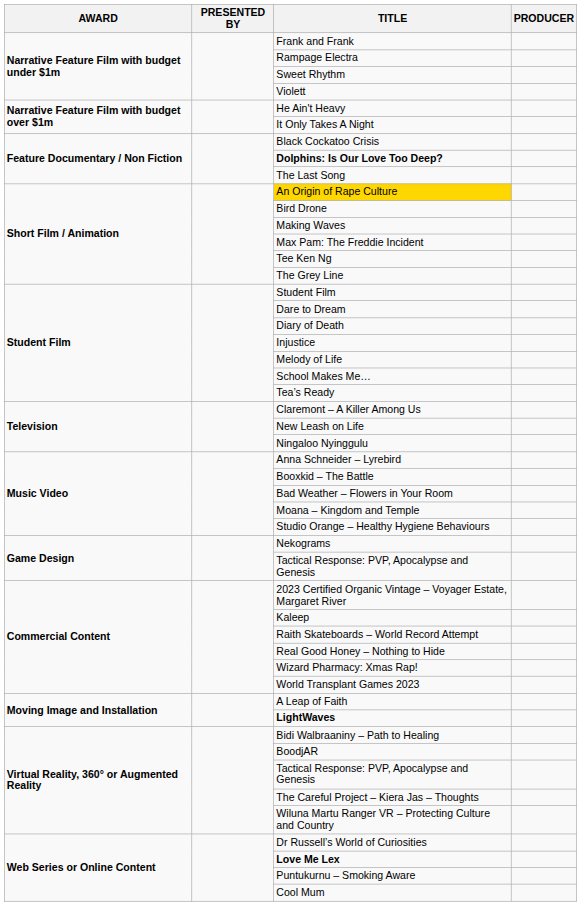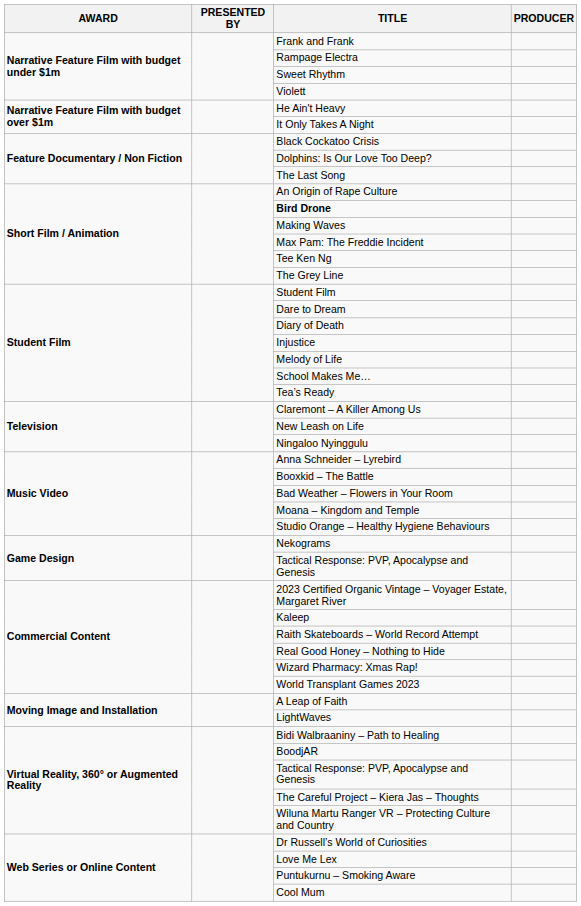 <table class="wikitable sortable mw-collapsible mw-collapsed">
 <tr>
 <th>AWARD</th>
 <th>PRESENTED BY</th>
 <th>TITLE</th>
 <th>PRODUCER</th>
 </tr>
 <tr>
 <td rowspan="4"><strong>Narrative Feature Film with budget under $1m</strong></td>
 <td rowspan="4"></td>
 <td>Frank and Frank</td>
 <td></td>
 </tr>
 <tr>
 <td>Rampage Electra</td>
 <td></td>
 </tr>
 <tr>
 <td>Sweet Rhythm</td>
 <td></td>
 </tr>
 <tr>
 <td>Violett</td>
 <td></td>
 </tr>
 <tr>
 <td rowspan="2"><strong>Narrative Feature Film with budget over $1m</strong></td>
 <td rowspan="2"></td>
 <td>He Ain't Heavy</td>
 <td></td>
 </tr>
 <tr>
 <td>It Only Takes A Night</td>
 <td></td>
 </tr>
 <tr>
 <td rowspan="3"><strong>Feature Documentary / Non Fiction</strong></td>
 <td rowspan="3"></td>
 <td>Black Cockatoo Crisis</td>
 <td></td>
 </tr>
 <tr>
-<td><strong>Dolphins: Is Our Love Too Deep?</strong></td>
+<td>Dolphins: Is Our Love Too Deep?</td>
 <td></td>
 </tr>
 <tr>
 <td>The Last Song</td>
 <td></td>
 </tr>
 <tr>
 <td rowspan="6"><strong>Short Film / Animation</strong></td>
 <td rowspan="6"></td>
-<td style="background: gold;">An Origin of Rape Culture</td>
+<td>An Origin of Rape Culture</td>
 <td></td>
 </tr>
 <tr>
-<td>Bird Drone</td>
+<td><strong>Bird Drone</strong></td>
 <td></td>
 </tr>
 <tr>
 <td>Making Waves</td>
 <td></td>
 </tr>
 <tr>
 <td>Max Pam: The Freddie Incident</td>
 <td></td>
 </tr>
 <tr>
 <td>Tee Ken Ng</td>
 <td></td>
 </tr>
 <tr>
 <td>The Grey Line</td>
 <td></td>
 </tr>
 <tr>
 <td rowspan="7"><strong>Student Film</strong></td>
 <td rowspan="7"></td>
 <td>Student Film</td>
 <td></td>
 </tr>
 <tr>
 <td>Dare to Dream</td>
 <td></td>
 </tr>
 <tr>
 <td>Diary of Death</td>
 <td></td>
 </tr>
 <tr>
 <td>Injustice</td>
 <td></td>
 </tr>
 <tr>
 <td>Melody of Life</td>
 <td></td>
 </tr>
 <tr>
 <td>School Makes Me…</td>
 <td></td>
 </tr>
 <tr>
 <td>Tea’s Ready</td>
 <td></td>
 </tr>
 <tr>
 <td rowspan="3"><strong>Television</strong></td>
 <td rowspan="3"></td>
 <td>Claremont – A Killer Among Us</td>
 <td></td>
 </tr>
 <tr>
 <td>New Leash on Life</td>
 <td></td>
 </tr>
 <tr>
 <td>Ningaloo Nyinggulu</td>
 <td></td>
 </tr>
 <tr>
 <td rowspan="5"><strong>Music Video</strong></td>
 <td rowspan="5"></td>
 <td>Anna Schneider – Lyrebird</td>
 <td></td>
 </tr>
 <tr>
 <td>Booxkid – The Battle</td>
 <td></td>
 </tr>
 <tr>
 <td>Bad Weather – Flowers in Your Room</td>
 <td></td>
 </tr>
 <tr>
 <td>Moana – Kingdom and Temple</td>
 <td></td>
 </tr>
 <tr>
 <td>Studio Orange – Healthy Hygiene Behaviours</td>
 <td></td>
 </tr>
 <tr>
 <td rowspan="2"><strong>Game Design</strong></td>
 <td rowspan="2"></td>
 <td>Nekograms</td>
 <td></td>
 </tr>
 <tr>
 <td>Tactical Response: PVP, Apocalypse and Genesis</td>
 <td></td>
 </tr>
 <tr>
 <td rowspan="6"><strong>Commercial Content</strong></td>
 <td rowspan="6"></td>
 <td>2023 Certified Organic Vintage – Voyager Estate, Margaret River</td>
 <td></td>
 </tr>
 <tr>
 <td>Kaleep</td>
 <td></td>
 </tr>
 <tr>
 <td>Raith Skateboards – World Record Attempt</td>
 <td></td>
 </tr>
 <tr>
 <td>Real Good Honey – Nothing to Hide</td>
 <td></td>
 </tr>
 <tr>
 <td>Wizard Pharmacy: Xmas Rap!</td>
 <td></td>
 </tr>
 <tr>
 <td>World Transplant Games 2023</td>
 <td></td>
 </tr>
 <tr>
 <td rowspan="2"><strong>Moving Image and Installation</strong></td>
 <td rowspan="2"></td>
 <td>A Leap of Faith</td>
 <td></td>
 </tr>
 <tr>
-<td><strong>LightWaves</strong></td>
+<td>LightWaves</td>
 <td></td>
 </tr>
 <tr>
 <td rowspan="5"><strong>Virtual Reality, 360° or Augmented Reality</strong></td>
 <td rowspan="5"></td>
 <td>Bidi Walbraaniny – Path to Healing</td>
 <td></td>
 </tr>
 <tr>
 <td>BoodjAR</td>
 <td></td>
 </tr>
 <tr>
 <td>Tactical Response: PVP, Apocalypse and Genesis</td>
 <td></td>
 </tr>
 <tr>
 <td>The Careful Project – Kiera Jas – Thoughts</td>
 <td></td>
 </tr>
 <tr>
 <td>Wiluna Martu Ranger VR – Protecting Culture and Country</td>
 <td></td>
 </tr>
 <tr>
 <td rowspan="4"><strong>Web Series or Online Content</strong></td>
 <td rowspan="4"></td>
 <td>Dr Russell’s World of Curiosities</td>
 </tr>
 <tr>
-<td><strong>Love Me Lex</strong></td>
+<td>Love Me Lex</td>
 <td></td>
 </tr>
 <tr>
 <td>Puntukurnu – Smoking Aware</td>
 <td></td>
 </tr>
 <tr>
 <td>Cool Mum</td>
 <td></td>
 </tr>
 </table>
